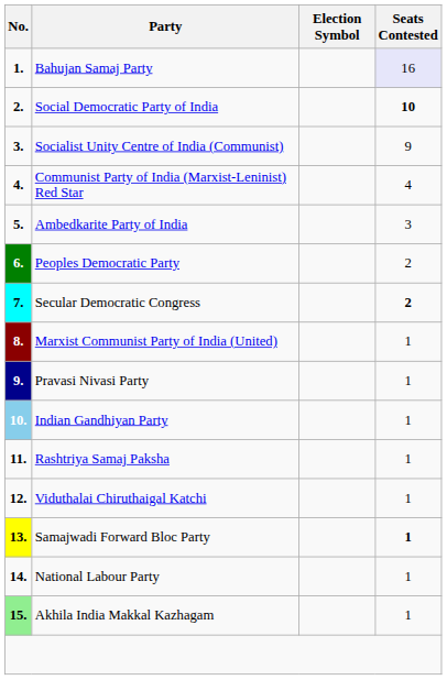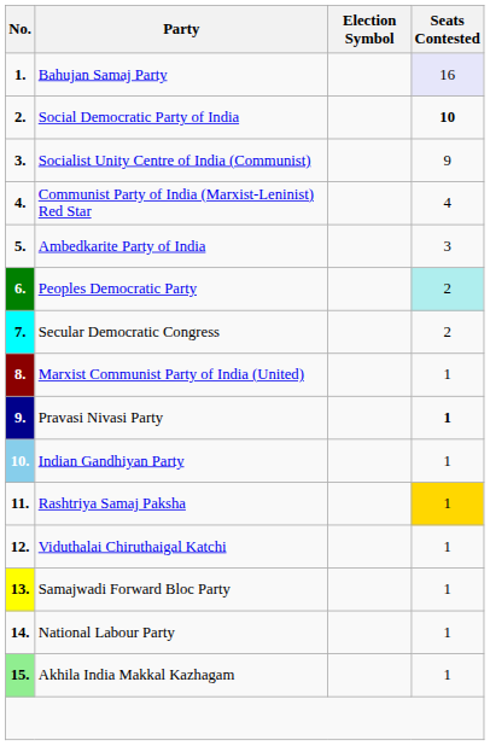 <table class="wikitable">
 <tr style="height: 50px;">
 <th scope="col" style="width:4px;">No.<br></th>
 <th scope="col" style="width:300px;">Party</th>
 <th scope="col" style="width:80px;">Election Symbol</th>
 <th scope="col" style="width:60px;">Seats Contested</th>
 </tr>
 <tr style="height: 45px;">
 <td ! style="text-align:center; background:"><strong>1.</strong></td>
 <td><a href='#'>Bahujan Samaj Party</a></td>
 <td style="text-align:center;"></td>
 <td style="background: lavender; text-align:center;">16</td>
 </tr>
 <tr style="height: 45px;">
 <td ! style="text-align:center; background:"><strong>2.</strong></td>
 <td><a href='#'>Social Democratic Party of India</a></td>
 <td style="text-align:center;"></td>
 <td style="text-align:center;"><strong>10</strong></td>
 </tr>
 <tr style="height: 45px;">
 <td ! style="text-align:center; background:"><strong>3.</strong></td>
 <td><a href='#'>Socialist Unity Centre of India (Communist)</a></td>
 <td style="text-align:center;"></td>
 <td style="text-align:center;">9</td>
 </tr>
 <tr style="height: 45px;">
 <td ! style="text-align:center; background:"><strong>4.</strong></td>
 <td><a href='#'>Communist Party of India (Marxist-Leninist) Red Star</a></td>
 <td style="text-align:center;"></td>
 <td style="text-align:center;">4</td>
 </tr>
 <tr style="height: 45px;">
 <td ! style="text-align:center; background:"><strong>5.</strong></td>
 <td><a href='#'>Ambedkarite Party of India</a></td>
 <td style="text-align:center;"></td>
 <td style="text-align:center;">3</td>
 </tr>
 <tr style="height: 45px;">
 <td ! style="text-align:center; background:Green; color:white"><strong>6.</strong></td>
 <td><a href='#'>Peoples Democratic Party</a></td>
 <td style="text-align:center;"></td>
-<td style="text-align:center;">2</td>
+<td style="background: paleturquoise; text-align:center;">2</td>
 </tr>
 <tr style="height: 45px;">
 <td ! style="text-align:center; background:aqua; color:black"><strong>7.</strong></td>
 <td>Secular Democratic Congress</td>
 <td style="text-align:center;"></td>
-<td style="text-align:center;"><strong>2</strong></td>
+<td style="text-align:center;">2</td>
 </tr>
 <tr style="height: 45px;">
 <td ! style="text-align:center; background:darkred; color:white"><strong>8.</strong></td>
 <td><a href='#'>Marxist Communist Party of India (United)</a></td>
 <td style="text-align:center;"></td>
 <td style="text-align:center;">1</td>
 </tr>
 <tr style="height: 45px;">
 <td ! style="text-align:center; background:darkblue; color:white"><strong>9.</strong></td>
 <td>Pravasi Nivasi Party</td>
 <td style="text-align:center;"></td>
-<td style="text-align:center;">1</td>
+<td style="text-align:center;"><strong>1</strong></td>
 </tr>
 <tr style="height: 45px;">
 <td ! style="text-align:center; background:skyblue; color:white"><strong>10.</strong></td>
 <td><a href='#'>Indian Gandhiyan Party</a></td>
 <td style="text-align:center;"></td>
 <td style="text-align:center;">1</td>
 </tr>
 <tr style="height: 45px;">
 <td ! style="text-align:center; background:"><strong>11.</strong></td>
 <td><a href='#'>Rashtriya Samaj Paksha</a></td>
 <td style="text-align:center;"></td>
-<td style="text-align:center;">1</td>
+<td style="background: gold; text-align:center;">1</td>
 </tr>
 <tr style="height: 45px;">
 <td ! style="text-align:center; background:"><strong>12.</strong></td>
 <td><a href='#'>Viduthalai Chiruthaigal Katchi</a></td>
 <td style="text-align:center;"></td>
 <td style="text-align:center;">1</td>
 </tr>
 <tr style="height: 45px;">
 <td ! style="text-align:center; background:yellow; color:black"><strong>13.</strong></td>
 <td>Samajwadi Forward Bloc Party</td>
 <td style="text-align:center;"></td>
-<td style="text-align:center;"><strong>1</strong></td>
+<td style="text-align:center;">1</td>
 </tr>
 <tr style="height: 45px;">
 <td ! style="text-align:center; background:"><strong>14.</strong></td>
 <td>National Labour Party</td>
 <td style="text-align:center;"></td>
 <td style="text-align:center;">1</td>
 </tr>
 <tr style="height: 45px;">
 <td ! style="text-align:center; background:lightgreen; color:black"><strong>15.</strong></td>
 <td>Akhila India Makkal Kazhagam</td>
 <td style="text-align:center;"></td>
 <td style="text-align:center;">1</td>
 </tr>
 <tr style="height: 45px;">
 </tr>
 </table>
